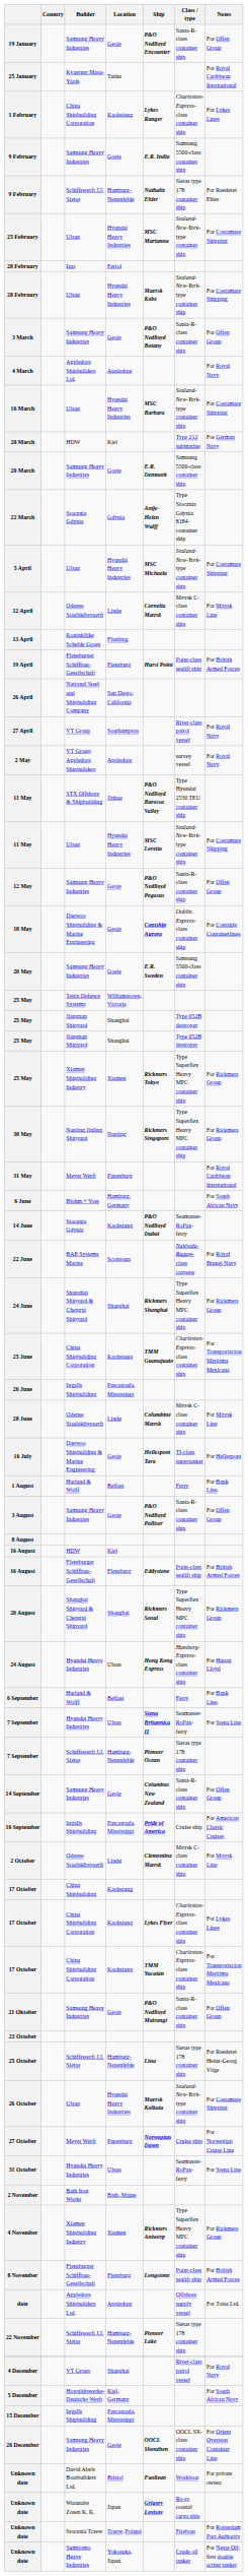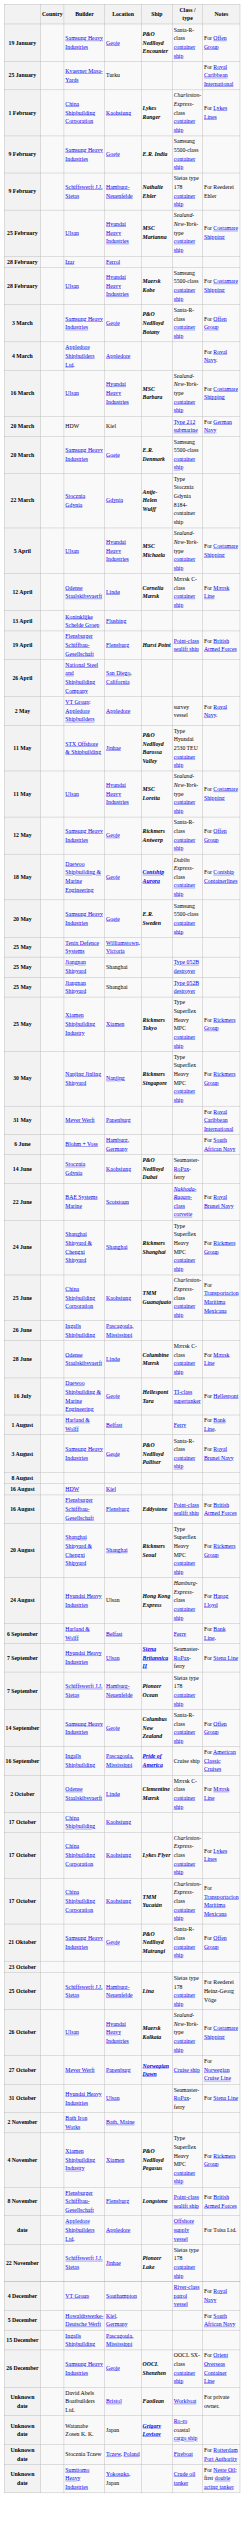 <table class="wikitable sortable" style="font-size:1.00em; line-height:1.5em;">
 <tr>
 <th style="width:100px;"></th>
 <th style="width:130px;">Country</th>
 <th>Builder</th>
 <th>Location</th>
 <th>Ship</th>
 <th>Class / type</th>
 <th>Notes</th>
 </tr>
 <tr>
 <th>19 January</th>
 <td></td>
 <td><a href='#'>Samsung Heavy Industries</a></td>
 <td><a href='#'>Geoje</a></td>
 <td><strong><em>P&O Nedlloyd Encounter</em></strong></td>
 <td>Santa-R-class <a href='#'>container ship</a></td>
 <td>For <a href='#'>Offen Group</a></td>
 </tr>
 <tr>
 <th>25 January</th>
 <td></td>
 <td><a href='#'>Kvaerner Masa-Yards</a></td>
 <td>Turku</td>
 <td><strong></strong></td>
 <td></td>
 <td>For <a href='#'>Royal Caribbean International</a></td>
 </tr>
 <tr>
 <th>1 February</th>
 <td></td>
 <td><a href='#'>China Shipbuilding Corporation</a></td>
 <td><a href='#'>Kaohsiung</a></td>
 <td><strong><em>Lykes Ranger</em></strong></td>
 <td><em>Charleston-Express</em>-class <a href='#'>container ship</a></td>
 <td>For <a href='#'>Lykes Lines</a></td>
 </tr>
 <tr>
 <th>9 February</th>
 <td></td>
 <td><a href='#'>Samsung Heavy Industries</a></td>
 <td><a href='#'>Goeje</a></td>
 <td><strong><em>E.R. India</em></strong></td>
 <td>Samsung 5500-class <a href='#'>container ship</a></td>
 <td></td>
 </tr>
 <tr>
 <th>9 February</th>
 <td></td>
 <td><a href='#'>Schiffswerft J.J. Sietas</a></td>
 <td><a href='#'>Hamburg-Neuenfelde</a></td>
 <td><strong><em>Nathalie Ehler</em></strong></td>
 <td>Sietas type 178 <a href='#'>container ship</a></td>
 <td>For Reederei Ehler</td>
 </tr>
 <tr>
 <th>25 February</th>
 <td></td>
 <td><a href='#'>Ulsan</a></td>
 <td><a href='#'>Hyundai Heavy Industries</a></td>
 <td><strong><em>MSC Marianna</em></strong></td>
 <td><em>Sealand-New-York</em>-type <a href='#'>container ship</a></td>
 <td>For <a href='#'>Costamare Shipping</a></td>
 </tr>
 <tr>
 <th>28 February</th>
 <td></td>
 <td><a href='#'>Izar</a></td>
 <td><a href='#'>Ferrol</a></td>
 <td><strong></strong></td>
 <td></td>
 <td></td>
 </tr>
 <tr>
 <th>28 February</th>
 <td></td>
 <td><a href='#'>Ulsan</a></td>
 <td><a href='#'>Hyundai Heavy Industries</a></td>
 <td><strong><em>Maersk Kobe</em></strong></td>
-<td><em>Sealand-New-York</em>-type <a href='#'>container ship</a></td>
+<td>Samsung 5500-class <a href='#'>container ship</a></td>
 <td>For <a href='#'>Costamare Shipping</a></td>
 </tr>
 <tr>
 <th>3 March</th>
 <td></td>
 <td><a href='#'>Samsung Heavy Industries</a></td>
 <td><a href='#'>Geoje</a></td>
 <td><strong><em>P&O Nedlloyd Botany</em></strong></td>
 <td>Santa-R-class <a href='#'>container ship</a></td>
 <td>For <a href='#'>Offen Group</a></td>
 </tr>
 <tr ---->
 <th>4 March</th>
 <td></td>
 <td><a href='#'>Appledore Shipbuilders Ltd</a>.</td>
 <td><a href='#'>Appledore</a></td>
 <td><strong></strong></td>
 <td></td>
 <td>For <a href='#'>Royal Navy</a>.</td>
 </tr>
 <tr>
 <th>16 March</th>
 <td></td>
 <td><a href='#'>Ulsan</a></td>
 <td><a href='#'>Hyundai Heavy Industries</a></td>
 <td><strong><em>MSC Barbara</em></strong></td>
 <td><em>Sealand-New-York</em>-type <a href='#'>container ship</a></td>
 <td>For <a href='#'>Costamare Shipping</a></td>
 </tr>
 <tr>
 <th>20 March</th>
 <td></td>
 <td>HDW</td>
 <td>Kiel</td>
 <td><strong></strong></td>
 <td><a href='#'>Type 212 submarine</a></td>
 <td>For <a href='#'>German Navy</a></td>
 </tr>
 <tr>
 <th>20 March</th>
 <td></td>
 <td><a href='#'>Samsung Heavy Industries</a></td>
 <td><a href='#'>Goeje</a></td>
 <td><strong><em>E.R. Denmark</em></strong></td>
 <td>Samsung 5500-class <a href='#'>container ship</a></td>
 <td></td>
 </tr>
 <tr>
 <th>22 March</th>
 <td></td>
 <td><a href='#'>Stocznia Gdynia</a></td>
 <td><a href='#'>Gdynia</a></td>
 <td><strong><em>Antje-Helen Wulff</em></strong></td>
 <td>Type Stocznia Gdynia 8184-container ship</td>
 <td></td>
 </tr>
 <tr>
 <th>5 April</th>
 <td></td>
 <td><a href='#'>Ulsan</a></td>
 <td><a href='#'>Hyundai Heavy Industries</a></td>
 <td><strong><em>MSC Michaela</em></strong></td>
 <td><em>Sealand-New-York</em>-type <a href='#'>container ship</a></td>
 <td>For <a href='#'>Costamare Shipping</a></td>
 </tr>
 <tr>
 <th>12 April</th>
 <td></td>
 <td><a href='#'>Odense Staalskibsvaerft</a></td>
 <td><a href='#'>Lindø</a></td>
 <td><strong><em>Cornelia Mærsk</em></strong></td>
 <td>Mærsk C-class <a href='#'>container ship</a></td>
 <td>For <a href='#'>Mærsk Line</a></td>
 </tr>
 <tr>
 <th>13 April</th>
 <td></td>
 <td><a href='#'>Koninklijke Schelde Groep</a></td>
 <td><a href='#'>Flushing</a></td>
 <td><strong></strong></td>
 <td></td>
 <td></td>
 </tr>
 <tr>
 <th>19 April</th>
 <td></td>
 <td><a href='#'>Flensburger Schiffbau-Gesellschaft</a></td>
 <td><a href='#'>Flensburg</a></td>
 <td><strong><em>Hurst Point</em></strong></td>
 <td><a href='#'>Point-class sealift ship</a></td>
 <td>For <a href='#'>British Armed Forces</a></td>
 </tr>
 <tr>
 <th>26 April</th>
 <td></td>
 <td><a href='#'>National Steel and Shipbuilding Company</a></td>
 <td><a href='#'>San Diego</a>, <a href='#'>California</a></td>
 <td><strong></strong></td>
 <td></td>
 <td></td>
 </tr>
 <tr>
-<th>27 April</th>
-<td></td>
-<td><a href='#'>VT Group</a></td>
-<td><a href='#'>Southampton</a></td>
-<td><strong></strong></td>
-<td><a href='#'>River-class patrol vessel</a></td>
-<td>For <a href='#'>Royal Navy</a></td>
-</tr>
-<tr>
 <th>2 May</th>
 <td></td>
 <td><a href='#'>VT Group</a>:  <a href='#'>Appledore Shipbuilders</a></td>
 <td><a href='#'>Appledore</a></td>
 <td><strong></strong></td>
 <td> survey vessel</td>
 <td>For <a href='#'>Royal Navy</a>.</td>
 </tr>
 <tr>
 <th>11 May</th>
 <td></td>
 <td><a href='#'>STX Offshore & Shipbuilding</a></td>
 <td><a href='#'>Jinhae</a></td>
 <td><strong><em>P&O Nedlloyd Barossa Valley</em></strong></td>
 <td>Type Hyundai 2530 TEU <a href='#'>container ship</a></td>
 <td></td>
 </tr>
 <tr>
 <th>11 May</th>
 <td></td>
 <td><a href='#'>Ulsan</a></td>
 <td><a href='#'>Hyundai Heavy Industries</a></td>
 <td><strong><em>MSC Loretta</em></strong></td>
 <td><em>Sealand-New-York</em>-type <a href='#'>container ship</a></td>
 <td>For <a href='#'>Costamare Shipping</a></td>
 </tr>
 <tr>
 <th>12 May</th>
 <td></td>
 <td><a href='#'>Samsung Heavy Industries</a></td>
 <td><a href='#'>Geoje</a></td>
-<td><strong><em>P&O Nedlloyd Pegasus</em></strong></td>
+<td><strong><em>Rickmers Antwerp</em></strong></td>
 <td>Santa-R-class <a href='#'>container ship</a></td>
 <td>For <a href='#'>Offen Group</a></td>
 </tr>
 <tr>
 <th>18 May</th>
 <td></td>
 <td><a href='#'>Daewoo Shipbuilding & Marine Engineering</a></td>
 <td><a href='#'>Geoje</a></td>
 <td><strong><em><a href='#'>Contship Aurora</a></em></strong></td>
 <td><em>Dublin Express</em>-class <a href='#'>container ship</a></td>
 <td>For <a href='#'>Contship Containerlines</a></td>
 </tr>
 <tr>
 <th>20 May</th>
 <td></td>
 <td><a href='#'>Samsung Heavy Industries</a></td>
 <td><a href='#'>Goeje</a></td>
 <td><strong><em>E.R. Sweden</em></strong></td>
 <td>Samsung 5500-class <a href='#'>container ship</a></td>
 <td></td>
 </tr>
 <tr>
 <th>25 May</th>
 <td></td>
 <td><a href='#'>Tenix Defence Systems</a></td>
 <td><a href='#'>Williamstown, Victoria</a></td>
 <td><strong></strong></td>
 <td></td>
 <td></td>
 </tr>
 <tr>
 <th>25 May</th>
 <td></td>
 <td><a href='#'>Jiangnan Shipyard</a></td>
 <td>Shanghai</td>
 <td><strong></strong></td>
 <td><a href='#'>Type 052B destroyer</a></td>
 <td></td>
 </tr>
 <tr>
 <th>25 May</th>
 <td></td>
 <td><a href='#'>Jiangnan Shipyard</a></td>
 <td>Shanghai</td>
 <td><strong></strong></td>
 <td><a href='#'>Type 052B destroyer</a></td>
 <td></td>
 </tr>
 <tr>
 <th>25 May</th>
 <td></td>
 <td><a href='#'>Xiamen Shipbuilding Industry</a></td>
 <td><a href='#'>Xiamen</a></td>
 <td><strong><em>Rickmers Tokyo</em></strong></td>
 <td>Type Superflex Heavy MPC <a href='#'>container ship</a></td>
 <td>For <a href='#'>Rickmers Group</a></td>
 </tr>
 <tr>
 <th>30 May</th>
 <td></td>
 <td><a href='#'>Nanjing Jinling Shipyard</a></td>
 <td><a href='#'>Nanjing</a></td>
 <td><strong><em>Rickmers Singapore</em></strong></td>
 <td>Type Superflex Heavy MPC <a href='#'>container ship</a></td>
 <td>For <a href='#'>Rickmers Group</a></td>
 </tr>
 <tr>
 <th>31 May</th>
 <td></td>
 <td><a href='#'>Meyer Werft</a></td>
 <td><a href='#'>Papenburg</a></td>
 <td><strong></strong></td>
 <td></td>
 <td>For <a href='#'>Royal Caribbean International</a></td>
 </tr>
 <tr>
 <th>6 June</th>
 <td></td>
 <td><a href='#'>Blohm + Voss</a></td>
 <td><a href='#'>Hamburg, Germany</a></td>
 <td><strong></strong></td>
 <td></td>
 <td>For <a href='#'>South African Navy</a></td>
 </tr>
 <tr>
 <th>14 June</th>
 <td></td>
 <td><a href='#'>Stocznia Gdynia</a></td>
 <td><a href='#'>Kaohsiung</a></td>
 <td><strong><em>P&O Nedlloyd Dubai</em></strong></td>
 <td>Seamaster-<a href='#'>RoPax</a>-ferry</td>
 <td></td>
 </tr>
 <tr>
 <th>22 June</th>
 <td></td>
 <td><a href='#'>BAE Systems Marine</a></td>
 <td><a href='#'>Scotstoun</a></td>
 <td><strong></strong></td>
 <td><a href='#'><em>Nakhoda-Ragam</em>-class</a> <a href='#'>corvette</a></td>
 <td>For <a href='#'>Royal Brunei Navy</a></td>
 </tr>
 <tr>
 <th>24 June</th>
 <td></td>
 <td><a href='#'>Shanghai Shipyard & Chengxi Shipyard</a></td>
 <td><a href='#'>Shanghai</a></td>
 <td><strong><em>Rickmers Shanghai</em></strong></td>
 <td>Type Superflex Heavy MPC <a href='#'>container ship</a></td>
 <td>For <a href='#'>Rickmers Group</a></td>
 </tr>
 <tr>
 <th>25 June</th>
 <td></td>
 <td><a href='#'>China Shipbuilding Corporation</a></td>
 <td><a href='#'>Kaohsiung</a></td>
 <td><strong><em>TMM Guanajuato</em></strong></td>
 <td><em>Charleston-Express</em>-class <a href='#'>container ship</a></td>
 <td>For <a href='#'>Transportacion Maritima Mexicana</a></td>
 </tr>
 <tr>
 <th>26 June</th>
 <td></td>
 <td><a href='#'>Ingalls Shipbuilding</a></td>
 <td><a href='#'>Pascagoula, Mississippi</a></td>
 <td><strong></strong></td>
 <td></td>
 <td></td>
 </tr>
 <tr>
 <th>28 June</th>
 <td></td>
 <td><a href='#'>Odense Staalskibsvaerft</a></td>
 <td><a href='#'>Lindø</a></td>
 <td><strong><em>Columbine Mærsk</em></strong></td>
 <td>Mærsk C-class <a href='#'>container ship</a></td>
 <td>For <a href='#'>Mærsk Line</a></td>
 </tr>
 <tr>
 <th>16 July</th>
 <td></td>
 <td><a href='#'>Daewoo Shipbuilding & Marine Engineering</a></td>
 <td><a href='#'>Geoje</a></td>
 <td><strong><em>Hellespont Tara</em></strong></td>
 <td><a href='#'>TI-class supertanker</a></td>
 <td>For <a href='#'>Hellespont</a></td>
 </tr>
 <tr ---->
 <th>1 August</th>
 <td></td>
 <td><a href='#'>Harland & Wolff</a></td>
 <td><a href='#'>Belfast</a></td>
 <td><strong></strong></td>
 <td><a href='#'>Ferry</a></td>
 <td>For <a href='#'>Bank Line</a>.</td>
 </tr>
 <tr>
 <th>3 August</th>
 <td></td>
 <td><a href='#'>Samsung Heavy Industries</a></td>
 <td><a href='#'>Geoje</a></td>
 <td><strong><em>P&O Nedlloyd Palliser</em></strong></td>
 <td>Santa-R-class <a href='#'>container ship</a></td>
-<td>For <a href='#'>Offen Group</a></td>
+<td>For <a href='#'>Royal Brunei Navy</a></td>
 </tr>
 <tr>
 <th>8 August</th>
 <td></td>
 <td></td>
 <td></td>
 <td><strong></strong></td>
 <td></td>
 <td></td>
 </tr>
 <tr>
 <th>16 August</th>
 <td></td>
 <td><a href='#'>HDW</a></td>
 <td><a href='#'>Kiel</a></td>
 <td><strong></strong></td>
 <td></td>
 <td></td>
 </tr>
 <tr>
 <th>16 August</th>
 <td></td>
 <td><a href='#'>Flensburger Schiffbau-Gesellschaft</a></td>
 <td><a href='#'>Flensburg</a></td>
 <td><strong><em>Eddystone</em></strong></td>
 <td><a href='#'>Point-class sealift ship</a></td>
 <td>For <a href='#'>British Armed Forces</a></td>
 </tr>
 <tr>
 <th>20 August</th>
 <td></td>
 <td><a href='#'>Shanghai Shipyard & Chengxi Shipyard</a></td>
 <td><a href='#'>Shanghai</a></td>
 <td><strong><em>Rickmers Seoul</em></strong></td>
 <td>Type Superflex Heavy MPC <a href='#'>container ship</a></td>
 <td>For <a href='#'>Rickmers Group</a></td>
 </tr>
 <tr>
 <th>24 August</th>
 <td></td>
 <td><a href='#'>Hyundai Heavy Industries</a></td>
 <td>Ulsan</td>
 <td><strong><em>Hong Kong Express</em></strong></td>
 <td><em>Hamburg-Express</em>-class <a href='#'>container ship</a></td>
 <td>For <a href='#'>Hapag Lloyd</a></td>
 </tr>
 <tr ---->
 <th>6 September</th>
 <td></td>
 <td><a href='#'>Harland & Wolff</a></td>
 <td><a href='#'>Belfast</a></td>
 <td><strong></strong></td>
 <td><a href='#'>Ferry</a></td>
 <td>For <a href='#'>Bank Line</a>.</td>
 </tr>
 <tr>
 <th>7 September</th>
 <td></td>
 <td><a href='#'>Hyundai Heavy Industries</a></td>
 <td><a href='#'>Ulsan</a></td>
 <td><strong><a href='#'><em>Stena Britannica II</em></a></strong></td>
 <td>Seamaster-<a href='#'>RoPax</a>-ferry</td>
 <td>For <a href='#'>Stena Line</a></td>
 </tr>
 <tr>
 <th>7 September</th>
 <td></td>
 <td><a href='#'>Schiffswerft J.J. Sietas</a></td>
 <td><a href='#'>Hamburg-Neuenfelde</a></td>
 <td><strong><em>Pioneer Ocean</em></strong></td>
 <td>Sietas type 178 <a href='#'>container ship</a></td>
 <td></td>
 </tr>
 <tr>
 <th>14 September</th>
 <td></td>
 <td><a href='#'>Samsung Heavy Industries</a></td>
 <td><a href='#'>Geoje</a></td>
 <td><strong><em>Columbus New Zealand</em></strong></td>
 <td>Santa-R-class <a href='#'>container ship</a></td>
 <td>For <a href='#'>Offen Group</a></td>
 </tr>
 <tr>
 <th>16 September</th>
 <td></td>
 <td><a href='#'>Ingalls Shipbuilding</a></td>
 <td><a href='#'>Pascagoula, Mississippi</a></td>
 <td><strong><em><a href='#'>Pride of America</a></em></strong></td>
 <td>Cruise ship</td>
 <td>For <a href='#'>American Classic Cruises</a></td>
 </tr>
 <tr>
 <th>2 October</th>
 <td></td>
 <td><a href='#'>Odense Staalskibsvaerft</a></td>
 <td><a href='#'>Lindø</a></td>
 <td><strong><em>Clementine Mærsk</em></strong></td>
 <td>Mærsk C-class <a href='#'>container ship</a></td>
 <td>For <a href='#'>Mærsk Line</a></td>
 </tr>
 <tr>
 <th>17 October</th>
 <td></td>
 <td><a href='#'>China Shipbuilding</a></td>
 <td><a href='#'>Kaohsiung</a></td>
 <td><strong></strong></td>
 <td></td>
 <td></td>
 </tr>
 <tr>
 <th>17 October</th>
 <td></td>
 <td><a href='#'>China Shipbuilding Corporation</a></td>
 <td><a href='#'>Kaohsiung</a></td>
 <td><strong><em>Lykes Flyer</em></strong></td>
 <td><em>Charleston-Express</em>-class <a href='#'>container ship</a></td>
 <td>For <a href='#'>Lykes Lines</a></td>
 </tr>
 <tr>
 <th>17 October</th>
 <td></td>
 <td><a href='#'>China Shipbuilding Corporation</a></td>
 <td><a href='#'>Kaohsiung</a></td>
 <td><strong><em>TMM Yucatán</em></strong></td>
 <td><em>Charleston-Express</em>-class <a href='#'>container ship</a></td>
 <td>For <a href='#'>Transportacion Maritima Mexicana</a></td>
 </tr>
 <tr>
 <th>21 Oktober</th>
 <td></td>
 <td><a href='#'>Samsung Heavy Industries</a></td>
 <td><a href='#'>Geoje</a></td>
 <td><strong><em>P&O Nedlloyd Mairangi</em></strong></td>
 <td>Santa-R-class <a href='#'>container ship</a></td>
 <td>For <a href='#'>Offen Group</a></td>
 </tr>
 <tr>
 <th>23 October</th>
 <td></td>
 <td></td>
 <td></td>
 <td><strong></strong></td>
 <td></td>
 <td></td>
 </tr>
 <tr>
 <th>25 October</th>
 <td></td>
 <td><a href='#'>Schiffswerft J.J. Sietas</a></td>
 <td><a href='#'>Hamburg-Neuenfelde</a></td>
 <td><strong><em>Lina</em></strong></td>
 <td>Sietas type 178 <a href='#'>container ship</a></td>
 <td>For Reederei Heinz-Georg Vöge</td>
 </tr>
 <tr>
 <th>26 October</th>
 <td></td>
 <td><a href='#'>Ulsan</a></td>
 <td><a href='#'>Hyundai Heavy Industries</a></td>
 <td><strong><em>Maersk Kolkata</em></strong></td>
 <td><em>Sealand-New-York</em>-type <a href='#'>container ship</a></td>
 <td>For <a href='#'>Costamare Shipping</a></td>
 </tr>
 <tr>
 <th>27 October</th>
 <td></td>
 <td><a href='#'>Meyer Werft</a></td>
 <td><a href='#'>Papenburg</a></td>
 <td><strong><em><a href='#'>Norwegian Dawn</a></em></strong></td>
 <td><a href='#'>Cruise ship</a></td>
 <td>For <a href='#'>Norwegian Cruise Line</a></td>
 </tr>
 <tr>
 <th>31 October</th>
 <td></td>
 <td><a href='#'>Hyundai Heavy Industries</a></td>
 <td><a href='#'>Ulsan</a></td>
 <td><strong></strong></td>
 <td>Seamaster-<a href='#'>RoPax</a>-ferry</td>
 <td>For <a href='#'>Stena Line</a></td>
 </tr>
 <tr>
 <th>2 November</th>
 <td></td>
 <td><a href='#'>Bath Iron Works</a></td>
 <td><a href='#'>Bath, Maine</a></td>
 <td><strong></strong></td>
 <td></td>
 <td></td>
 </tr>
 <tr>
 <th>4 November</th>
 <td></td>
 <td><a href='#'>Xiamen Shipbuilding Industry</a></td>
 <td><a href='#'>Xiamen</a></td>
-<td><strong><em>Rickmers Antwerp</em></strong></td>
+<td><strong><em>P&O Nedlloyd Pegasus</em></strong></td>
 <td>Type Superflex Heavy MPC <a href='#'>container ship</a></td>
 <td>For <a href='#'>Rickmers Group</a></td>
 </tr>
 <tr>
 <th>8 November</th>
 <td></td>
 <td><a href='#'>Flensburger Schiffbau-Gesellschaft</a></td>
 <td><a href='#'>Flensburg</a></td>
 <td><strong><em>Longstone</em></strong></td>
 <td><a href='#'>Point-class sealift ship</a></td>
 <td>For <a href='#'>British Armed Forces</a></td>
 </tr>
 <tr ---->
 <th>date</th>
 <td></td>
 <td><a href='#'>Appledore Shipbuilders Ltd</a>.</td>
 <td><a href='#'>Appledore</a></td>
 <td><strong></strong></td>
 <td><a href='#'>Offshore supply vessel</a></td>
 <td>For Toisa Ltd.</td>
 </tr>
 <tr>
 <th>22 November</th>
 <td></td>
 <td><a href='#'>Schiffswerft J.J. Sietas</a></td>
-<td><a href='#'>Hamburg-Neuenfelde</a></td>
+<td><a href='#'>Jinhae</a></td>
 <td><strong><em>Pioneer Lake</em></strong></td>
 <td>Sietas type 178 <a href='#'>container ship</a></td>
 <td></td>
 </tr>
 <tr>
 </tr>
 <tr>
 <th>4 December</th>
 <td></td>
 <td><a href='#'>VT Group</a></td>
-<td><a href='#'>Shanghai</a></td>
+<td><a href='#'>Southampton</a></td>
 <td><strong></strong></td>
 <td><a href='#'>River-class patrol vessel</a></td>
 <td>For <a href='#'>Royal Navy</a></td>
 </tr>
 <tr>
 <th>5 December</th>
 <td></td>
 <td><a href='#'>Howaldtswerke-Deutsche Werft</a></td>
 <td><a href='#'>Kiel, Germany</a></td>
 <td><strong></strong></td>
 <td></td>
 <td>For <a href='#'>South African Navy</a></td>
 </tr>
 <tr>
 <th>15 December</th>
 <td></td>
 <td><a href='#'>Ingalls Shipbuilding</a></td>
 <td><a href='#'>Pascagoula, Mississippi</a></td>
 <td><strong></strong></td>
 <td></td>
 <td></td>
 </tr>
 <tr>
 <th>26 December</th>
 <td></td>
 <td><a href='#'>Samsung Heavy Industries</a></td>
 <td><a href='#'>Geoje</a></td>
 <td><strong><em>OOCL Shenzhen</em></strong></td>
 <td>OOCL SX-class <a href='#'>container ship</a></td>
 <td>For <a href='#'>Orient Overseas Container Line</a></td>
 </tr>
 <tr ---->
 <th>Unknown date</th>
 <td></td>
 <td>David Abels Boatbuilders Ltd.</td>
 <td><a href='#'>Bristol</a></td>
 <td><strong><em>Faoilean</em></strong></td>
 <td><a href='#'>Workboat</a></td>
 <td>For private owner.</td>
 </tr>
 <tr>
 <th>Unknown date</th>
 <td></td>
 <td>Watanabe Zosen K. K.</td>
 <td>Japan</td>
 <td><strong><em><a href='#'>Grigory Lovtsov</a></em></strong></td>
 <td><a href='#'>Ro-ro</a> coastal <a href='#'>cargo ship</a></td>
 <td></td>
 </tr>
 <tr>
 <th>Unknown date</th>
 <td></td>
 <td>Stocznia Tczew</td>
 <td><a href='#'>Tczew</a>, <a href='#'>Poland</a></td>
 <td><strong></strong></td>
 <td><a href='#'>Fireboat</a></td>
 <td>For <a href='#'>Rotterdam Port Authority</a></td>
 </tr>
 <tr>
 <th>Unknown date</th>
 <td></td>
 <td><a href='#'>Sumitomo Heavy Industries</a></td>
 <td><a href='#'>Yokosuka</a>, Japan</td>
 <td><strong></strong></td>
 <td><a href='#'>Crude oil tanker</a></td>
 <td>For <a href='#'>Neste Oil</a>; first <a href='#'>double acting tanker</a></td>
 </tr>
 </table>
